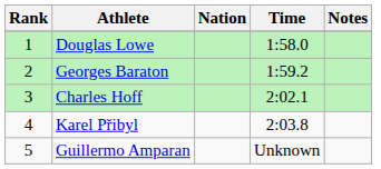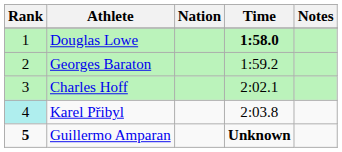 <table class="wikitable sortable" style="text-align:center">
 <tr>
 <th>Rank</th>
 <th>Athlete</th>
 <th>Nation</th>
 <th>Time</th>
 <th>Notes</th>
 </tr>
 <tr>
 </tr>
 <tr bgcolor=bbf3bb>
 <td>1</td>
 <td align=left><a href='#'>Douglas Lowe</a></td>
 <td align=left></td>
-<td>1:58.0</td>
+<td><strong>1:58.0</strong></td>
 <td></td>
 </tr>
 <tr bgcolor=bbf3bb>
 <td>2</td>
 <td align=left><a href='#'>Georges Baraton</a></td>
 <td align=left></td>
 <td>1:59.2</td>
 <td></td>
 </tr>
 <tr bgcolor=bbf3bb>
 <td>3</td>
 <td align=left><a href='#'>Charles Hoff</a></td>
 <td align=left></td>
 <td>2:02.1</td>
 <td></td>
 </tr>
 <tr>
-<td>4</td>
+<td style="background: paleturquoise;">4</td>
 <td align=left><a href='#'>Karel Přibyl</a></td>
 <td align=left></td>
 <td>2:03.8</td>
 <td></td>
 </tr>
 <tr>
-<td>5</td>
+<td><strong>5</strong></td>
 <td align=left><a href='#'>Guillermo Amparan</a></td>
 <td align=left></td>
-<td data-sort-value=3:00.0>Unknown</td>
+<td data-sort-value=3:00.0><strong>Unknown</strong></td>
 <td></td>
 </tr>
 </table>
